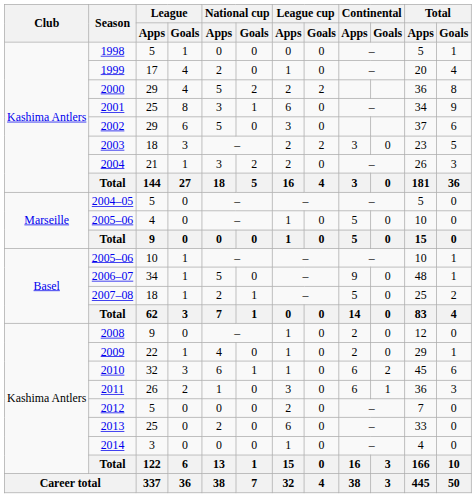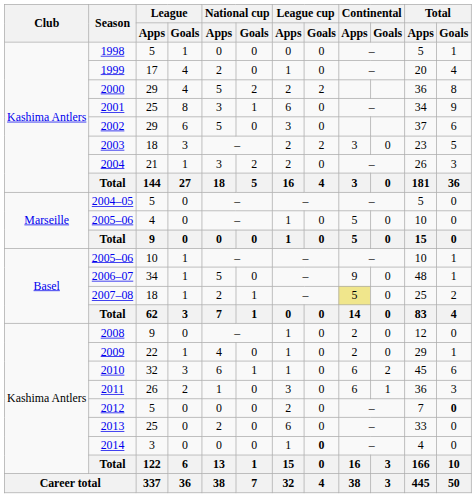 <table class="wikitable" style="text-align:center">
 <tr>
 <th rowspan="2">Club</th>
 <th rowspan="2">Season</th>
 <th colspan="2">League</th>
 <th colspan="2">National cup</th>
 <th colspan="2">League cup</th>
 <th colspan="2">Continental</th>
 <th colspan="2">Total</th>
 </tr>
 <tr>
 <th>Apps</th>
 <th>Goals</th>
 <th>Apps</th>
 <th>Goals</th>
 <th>Apps</th>
 <th>Goals</th>
 <th>Apps</th>
 <th>Goals</th>
 <th>Apps</th>
 <th>Goals</th>
 </tr>
 <tr>
 <td rowspan="8"><a href='#'>Kashima Antlers</a></td>
 <td><a href='#'>1998</a></td>
 <td>5</td>
 <td>1</td>
 <td>0</td>
 <td>0</td>
 <td>0</td>
 <td>0</td>
 <td colspan="2">–</td>
 <td>5</td>
 <td>1</td>
 </tr>
 <tr>
 <td><a href='#'>1999</a></td>
 <td>17</td>
 <td>4</td>
 <td>2</td>
 <td>0</td>
 <td>1</td>
 <td>0</td>
 <td colspan="2">–</td>
 <td>20</td>
 <td>4</td>
 </tr>
 <tr>
 <td><a href='#'>2000</a></td>
 <td>29</td>
 <td>4</td>
 <td>5</td>
 <td>2</td>
 <td>2</td>
 <td>2</td>
 <td></td>
 <td></td>
 <td>36</td>
 <td>8</td>
 </tr>
 <tr>
 <td><a href='#'>2001</a></td>
 <td>25</td>
 <td>8</td>
 <td>3</td>
 <td>1</td>
 <td>6</td>
 <td>0</td>
 <td colspan="2">–</td>
 <td>34</td>
 <td>9</td>
 </tr>
 <tr>
 <td><a href='#'>2002</a></td>
 <td>29</td>
 <td>6</td>
 <td>5</td>
 <td>0</td>
 <td>3</td>
 <td>0</td>
 <td></td>
 <td></td>
 <td>37</td>
 <td>6</td>
 </tr>
 <tr>
 <td><a href='#'>2003</a></td>
 <td>18</td>
 <td>3</td>
 <td colspan="2">–</td>
 <td>2</td>
 <td>2</td>
 <td>3</td>
 <td>0</td>
 <td>23</td>
 <td>5</td>
 </tr>
 <tr>
 <td><a href='#'>2004</a></td>
 <td>21</td>
 <td>1</td>
 <td>3</td>
 <td>2</td>
 <td>2</td>
 <td>0</td>
 <td colspan="2">–</td>
 <td>26</td>
 <td>3</td>
 </tr>
 <tr>
 <th>Total</th>
 <th>144</th>
 <th>27</th>
 <th>18</th>
 <th>5</th>
 <th>16</th>
 <th>4</th>
 <th>3</th>
 <th>0</th>
 <th>181</th>
 <th>36</th>
 </tr>
 <tr>
 <td rowspan="3"><a href='#'>Marseille</a></td>
 <td><a href='#'>2004–05</a></td>
 <td>5</td>
 <td>0</td>
 <td colspan="2">–</td>
 <td colspan="2">–</td>
 <td colspan="2">–</td>
 <td>5</td>
 <td>0</td>
 </tr>
 <tr>
 <td><a href='#'>2005–06</a></td>
 <td>4</td>
 <td>0</td>
 <td colspan="2">–</td>
 <td>1</td>
 <td>0</td>
 <td>5</td>
 <td>0</td>
 <td>10</td>
 <td>0</td>
 </tr>
 <tr>
 <th>Total</th>
 <th>9</th>
 <th>0</th>
 <th>0</th>
 <th>0</th>
 <th>1</th>
 <th>0</th>
 <th>5</th>
 <th>0</th>
 <th>15</th>
 <th>0</th>
 </tr>
 <tr>
 <td rowspan="4"><a href='#'>Basel</a></td>
 <td><a href='#'>2005–06</a></td>
 <td>10</td>
 <td>1</td>
 <td colspan="2">–</td>
 <td colspan="2">–</td>
 <td colspan="2">–</td>
 <td>10</td>
 <td>1</td>
 </tr>
 <tr>
 <td><a href='#'>2006–07</a></td>
 <td>34</td>
 <td>1</td>
 <td>5</td>
 <td>0</td>
 <td colspan="2">–</td>
 <td>9</td>
 <td>0</td>
 <td>48</td>
 <td>1</td>
 </tr>
 <tr>
 <td><a href='#'>2007–08</a></td>
 <td>18</td>
 <td>1</td>
 <td>2</td>
 <td>1</td>
 <td colspan="2">–</td>
-<td>5</td>
+<td style="background: khaki;">5</td>
 <td>0</td>
 <td>25</td>
 <td>2</td>
 </tr>
 <tr>
 <th>Total</th>
 <th>62</th>
 <th>3</th>
 <th>7</th>
 <th>1</th>
 <th>0</th>
 <th>0</th>
 <th>14</th>
 <th>0</th>
 <th>83</th>
 <th>4</th>
 </tr>
 <tr>
 <td rowspan="8">Kashima Antlers</td>
 <td><a href='#'>2008</a></td>
 <td>9</td>
 <td>0</td>
 <td colspan="2">–</td>
 <td>1</td>
 <td>0</td>
 <td>2</td>
 <td>0</td>
 <td>12</td>
 <td>0</td>
 </tr>
 <tr>
 <td><a href='#'>2009</a></td>
 <td>22</td>
 <td>1</td>
 <td>4</td>
 <td>0</td>
 <td>1</td>
 <td>0</td>
 <td>2</td>
 <td>0</td>
 <td>29</td>
 <td>1</td>
 </tr>
 <tr>
 <td><a href='#'>2010</a></td>
 <td>32</td>
 <td>3</td>
 <td>6</td>
 <td>1</td>
 <td>1</td>
 <td>0</td>
 <td>6</td>
 <td>2</td>
 <td>45</td>
 <td>6</td>
 </tr>
 <tr>
 <td><a href='#'>2011</a></td>
 <td>26</td>
 <td>2</td>
 <td>1</td>
 <td>0</td>
 <td>3</td>
 <td>0</td>
 <td>6</td>
 <td>1</td>
 <td>36</td>
 <td>3</td>
 </tr>
 <tr>
 <td><a href='#'>2012</a></td>
 <td>5</td>
 <td>0</td>
 <td>0</td>
 <td>0</td>
 <td>2</td>
 <td>0</td>
 <td colspan="2">–</td>
 <td>7</td>
-<td>0</td>
+<td><strong>0</strong></td>
 </tr>
 <tr>
 <td><a href='#'>2013</a></td>
 <td>25</td>
 <td>0</td>
 <td>2</td>
 <td>0</td>
 <td>6</td>
 <td>0</td>
 <td colspan="2">–</td>
 <td>33</td>
 <td>0</td>
 </tr>
 <tr>
 <td><a href='#'>2014</a></td>
 <td>3</td>
 <td>0</td>
 <td>0</td>
 <td>0</td>
 <td>1</td>
-<td>0</td>
+<td><strong>0</strong></td>
 <td colspan="2">–</td>
 <td>4</td>
 <td>0</td>
 </tr>
 <tr>
 <th>Total</th>
 <th>122</th>
 <th>6</th>
 <th>13</th>
 <th>1</th>
 <th>15</th>
 <th>0</th>
 <th>16</th>
 <th>3</th>
 <th>166</th>
 <th>10</th>
 </tr>
 <tr>
 <th colspan="2">Career total</th>
 <th>337</th>
 <th>36</th>
 <th>38</th>
 <th>7</th>
 <th>32</th>
 <th>4</th>
 <th>38</th>
 <th>3</th>
 <th>445</th>
 <th>50</th>
 </tr>
 </table>
